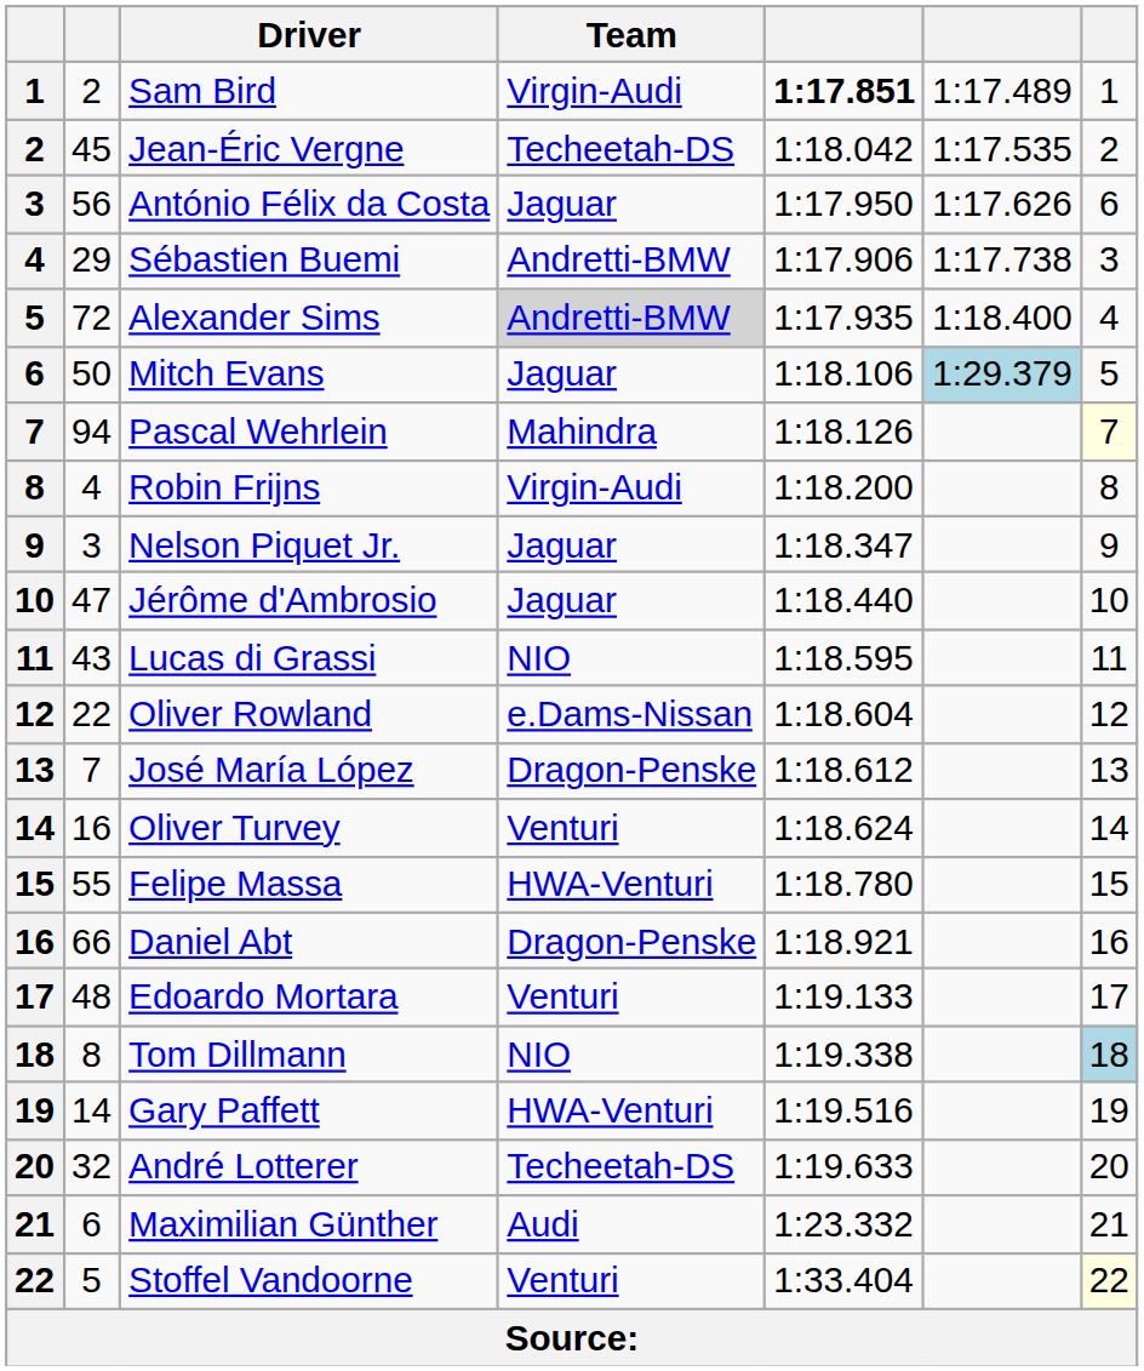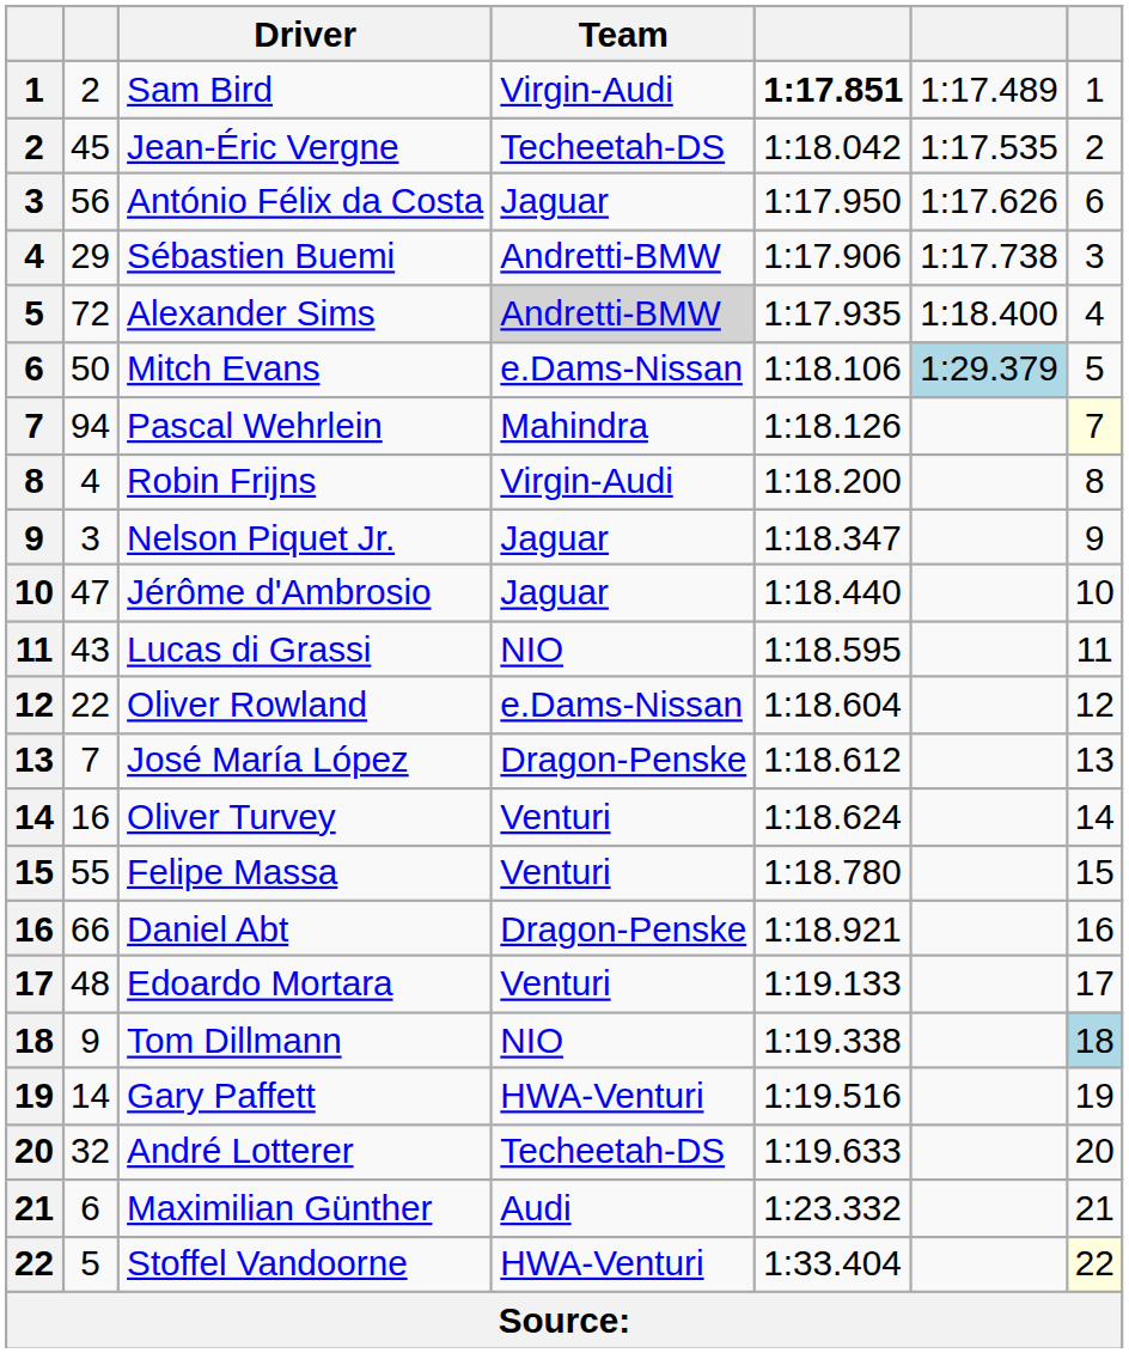 <table class="wikitable sortable" style="font-size: 85%">
 <tr>
 <th scope="col"></th>
 <th scope="col"></th>
 <th scope="col">Driver</th>
 <th scope="col">Team</th>
 <th scope="col"></th>
 <th scope="col"></th>
 <th scope="col"></th>
 </tr>
 <tr>
 <th scope="row">1</th>
 <td align="center">2</td>
 <td data-sort-value="BIR"> <a href='#'>Sam Bird</a></td>
 <td><a href='#'>Virgin-Audi</a></td>
 <td><strong>1:17.851</strong></td>
 <td>1:17.489</td>
 <td align="center">1</td>
 </tr>
 <tr>
 <th scope="row">2</th>
 <td align="center">45</td>
 <td data-sort-value="VER"> <a href='#'>Jean-Éric Vergne</a></td>
 <td><a href='#'>Techeetah-DS</a></td>
 <td>1:18.042</td>
 <td>1:17.535</td>
 <td align="center">2</td>
 </tr>
 <tr>
 <th scope="row">3</th>
 <td align="center">56</td>
 <td data-sort-value="FDC"> <a href='#'>António Félix da Costa</a></td>
 <td><a href='#'>Jaguar</a></td>
 <td>1:17.950</td>
 <td>1:17.626</td>
 <td align="center">6</td>
 </tr>
 <tr>
 <th scope="row">4</th>
 <td align="center">29</td>
 <td data-sort-value="BUE"> <a href='#'>Sébastien Buemi</a></td>
 <td><a href='#'>Andretti-BMW</a></td>
 <td>1:17.906</td>
 <td>1:17.738</td>
 <td align="center">3</td>
 </tr>
 <tr>
 <th scope="row">5</th>
 <td align="center">72</td>
 <td data-sort-value="SIM"> <a href='#'>Alexander Sims</a></td>
 <td style="background: lightgrey;"><a href='#'>Andretti-BMW</a></td>
 <td>1:17.935</td>
 <td>1:18.400</td>
 <td align="center">4</td>
 </tr>
 <tr>
 <th scope="row">6</th>
 <td align="center">50</td>
 <td data-sort-value="EVA"> <a href='#'>Mitch Evans</a></td>
-<td><a href='#'>Jaguar</a></td>
+<td><a href='#'>e.Dams-Nissan</a></td>
 <td>1:18.106</td>
 <td style="background: lightblue;">1:29.379</td>
 <td align="center">5</td>
 </tr>
 <tr>
 <th scope="row">7</th>
 <td align="center">94</td>
 <td data-sort-value="WEH"> <a href='#'>Pascal Wehrlein</a></td>
 <td><a href='#'>Mahindra</a></td>
 <td>1:18.126</td>
 <td></td>
 <td align="center" style="background: lightyellow;">7</td>
 </tr>
 <tr>
 <th scope="row">8</th>
 <td align="center">4</td>
 <td data-sort-value="FRI"> <a href='#'>Robin Frijns</a></td>
 <td><a href='#'>Virgin-Audi</a></td>
 <td>1:18.200</td>
 <td></td>
 <td align="center">8</td>
 </tr>
 <tr>
 <th scope="row">9</th>
 <td align="center">3</td>
 <td data-sort-value="PIQ"> <a href='#'>Nelson Piquet Jr.</a></td>
 <td><a href='#'>Jaguar</a></td>
 <td>1:18.347</td>
 <td></td>
 <td align="center">9</td>
 </tr>
 <tr>
 <th scope="row">10</th>
 <td align="center">47</td>
 <td data-sort-value="DAM"> <a href='#'>Jérôme d'Ambrosio</a></td>
 <td><a href='#'>Jaguar</a></td>
 <td>1:18.440</td>
 <td></td>
 <td align="center">10</td>
 </tr>
 <tr>
 <th scope="row">11</th>
 <td align="center">43</td>
 <td data-sort-value="DIG"> <a href='#'>Lucas di Grassi</a></td>
 <td><a href='#'>NIO</a></td>
 <td>1:18.595</td>
 <td></td>
 <td align="center">11</td>
 </tr>
 <tr>
 <th scope="row">12</th>
 <td align="center">22</td>
 <td data-sort-value="ROW"> <a href='#'>Oliver Rowland</a></td>
 <td><a href='#'>e.Dams-Nissan</a></td>
 <td>1:18.604</td>
 <td></td>
 <td align="center">12</td>
 </tr>
 <tr>
 <th scope="row">13</th>
 <td align="center">7</td>
 <td data-sort-value="LOP"> <a href='#'>José María López</a></td>
 <td><a href='#'>Dragon-Penske</a></td>
 <td>1:18.612</td>
 <td></td>
 <td align="center">13</td>
 </tr>
 <tr>
 <th scope="row">14</th>
 <td align="center">16</td>
 <td data-sort-value="TUR"> <a href='#'>Oliver Turvey</a></td>
 <td><a href='#'>Venturi</a></td>
 <td>1:18.624</td>
 <td></td>
 <td align="center">14</td>
 </tr>
 <tr>
 <th scope="row">15</th>
 <td align="center">55</td>
 <td data-sort-value="MAS"> <a href='#'>Felipe Massa</a></td>
-<td><a href='#'>HWA-Venturi</a></td>
+<td><a href='#'>Venturi</a></td>
 <td>1:18.780</td>
 <td></td>
 <td align="center">15</td>
 </tr>
 <tr>
 <th scope="row">16</th>
 <td align="center">66</td>
 <td data-sort-value="ABT"> <a href='#'>Daniel Abt</a></td>
 <td><a href='#'>Dragon-Penske</a></td>
 <td>1:18.921</td>
 <td></td>
 <td align="center">16</td>
 </tr>
 <tr>
 <th scope="row">17</th>
 <td align="center">48</td>
 <td data-sort-value="MOR"> <a href='#'>Edoardo Mortara</a></td>
 <td><a href='#'>Venturi</a></td>
 <td>1:19.133</td>
 <td></td>
 <td align="center">17</td>
 </tr>
 <tr>
 <th scope="row">18</th>
-<td align="center">8</td>
+<td align="center">9</td>
 <td data-sort-value="DIL"> <a href='#'>Tom Dillmann</a></td>
 <td><a href='#'>NIO</a></td>
 <td>1:19.338</td>
 <td></td>
 <td align="center" style="background: lightblue;">18</td>
 </tr>
 <tr>
 <th scope="row">19</th>
 <td align="center">14</td>
 <td data-sort-value="PAF"> <a href='#'>Gary Paffett</a></td>
 <td><a href='#'>HWA-Venturi</a></td>
 <td>1:19.516</td>
 <td></td>
 <td align="center">19</td>
 </tr>
 <tr>
 <th scope="row">20</th>
 <td align="center">32</td>
 <td data-sort-value="LOT"> <a href='#'>André Lotterer</a></td>
 <td><a href='#'>Techeetah-DS</a></td>
 <td>1:19.633</td>
 <td></td>
 <td align="center">20</td>
 </tr>
 <tr>
 <th scope="row">21</th>
 <td align="center">6</td>
 <td data-sort-value="GUN"> <a href='#'>Maximilian Günther</a></td>
 <td><a href='#'>Audi</a></td>
 <td>1:23.332</td>
 <td></td>
 <td align="center">21</td>
 </tr>
 <tr>
 <th scope="row">22</th>
 <td align="center">5</td>
 <td data-sort-value="VAN"> <a href='#'>Stoffel Vandoorne</a></td>
-<td><a href='#'>Venturi</a></td>
+<td><a href='#'>HWA-Venturi</a></td>
 <td>1:33.404</td>
 <td></td>
 <td align="center" style="background: lightyellow;">22</td>
 </tr>
 <tr>
 <th colspan="7">Source:</th>
 </tr>
 <tr>
 </tr>
 </table>
